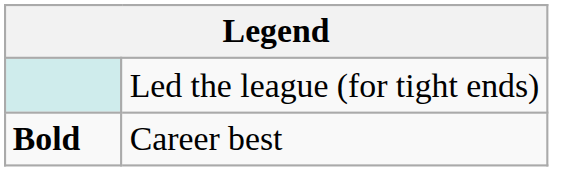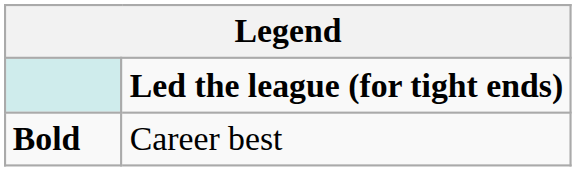 <table class="wikitable">
 <tr>
 <th colspan="2">Legend</th>
 </tr>
 <tr>
 <td style="background:#cfecec; width:3em;"></td>
-<td>Led the league (for tight ends)</td>
+<td><strong>Led the league (for tight ends)</strong></td>
 </tr>
 <tr>
 <td><strong>Bold</strong></td>
 <td>Career best</td>
 </tr>
 </table>
